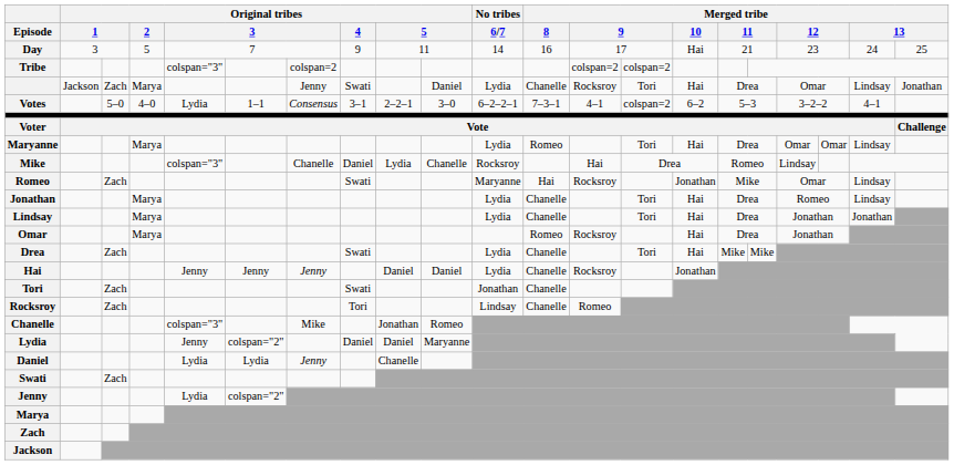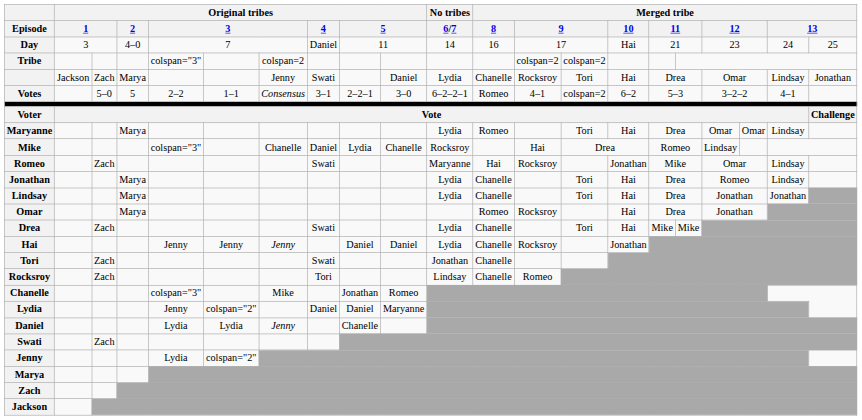 <table class="wikitable unsortable" style="text-align:center;">
 <tr>
 <th></th>
 <th colspan="9">Original tribes</th>
 <th>No tribes</th>
 <th colspan="10">Merged tribe</th>
 </tr>
 <tr>
 <th>Episode</th>
 <th colspan="2"><a href='#'>1</a></th>
 <th><a href='#'>2</a></th>
 <th colspan="3"><a href='#'>3</a></th>
 <th><a href='#'>4</a></th>
 <th colspan="2"><a href='#'>5</a></th>
 <th><a href='#'>6</a>/<a href='#'>7</a></th>
 <th><a href='#'>8</a></th>
 <th colspan="2"><a href='#'>9</a></th>
 <th><a href='#'>10</a></th>
 <th colspan="2"><a href='#'>11</a></th>
 <th colspan="2"><a href='#'>12</a></th>
 <th colspan="2"><a href='#'>13</a></th>
 </tr>
 <tr>
 <th>Day</th>
 <td colspan="2">3</td>
-<td>5</td>
+<td>4–0</td>
 <td colspan="3">7</td>
-<td>9</td>
+<td>Daniel</td>
 <td colspan="2">11</td>
 <td>14</td>
 <td>16</td>
 <td colspan="2">17</td>
 <td>Hai</td>
 <td colspan="2">21</td>
 <td colspan="2">23</td>
 <td>24</td>
 <td>25</td>
 </tr>
 <tr>
 <th>Tribe</th>
 <td></td>
 <td></td>
 <td></td>
 <td>colspan="3"</td>
 <td></td>
 <td>colspan=2 </td>
 <td></td>
 <td></td>
 <td></td>
 <td></td>
 <td></td>
 <td>colspan=2 </td>
 <td>colspan=2 </td>
 <td></td>
 <td></td>
 </tr>
 <tr>
 <th></th>
 <td>Jackson</td>
 <td>Zach</td>
 <td>Marya</td>
 <td></td>
 <td></td>
 <td>Jenny</td>
 <td>Swati</td>
 <td></td>
 <td>Daniel</td>
 <td>Lydia</td>
 <td>Chanelle</td>
 <td>Rocksroy</td>
 <td>Tori</td>
 <td>Hai</td>
 <td colspan=2>Drea</td>
 <td colspan=2>Omar</td>
 <td>Lindsay</td>
 <td>Jonathan</td>
 </tr>
 <tr>
 <th>Votes</th>
 <td></td>
 <td>5–0</td>
-<td>4–0</td>
-<td>Lydia</td>
+<td>5</td>
+<td>2–2</td>
 <td>1–1</td>
 <td><em>Consensus</em></td>
 <td>3–1</td>
 <td>2–2–1</td>
 <td>3–0</td>
 <td>6–2–2–1</td>
-<td>7–3–1</td>
+<td>Romeo</td>
 <td>4–1</td>
 <td>colspan=2 </td>
 <td>6–2</td>
 <td colspan=2>5–3</td>
 <td colspan=2>3–2–2</td>
 <td>4–1</td>
 <td></td>
 </tr>
 <tr>
 <td colspan="21" bgcolor="black"></td>
 </tr>
 <tr>
 <th>Voter</th>
 <th colspan="19">Vote</th>
 <th>Challenge</th>
 </tr>
 <tr>
 <th>Maryanne</th>
 <td></td>
 <td></td>
 <td>Marya</td>
 <td></td>
 <td></td>
 <td></td>
 <td></td>
 <td></td>
 <td></td>
 <td>Lydia</td>
 <td>Romeo</td>
 <td></td>
 <td>Tori</td>
 <td>Hai</td>
 <td colspan=2>Drea</td>
 <td>Omar</td>
 <td>Omar</td>
 <td>Lindsay</td>
 <td></td>
 </tr>
 <tr>
 <th>Mike</th>
 <td></td>
 <td></td>
 <td></td>
 <td>colspan="3"</td>
 <td></td>
 <td>Chanelle</td>
 <td>Daniel</td>
 <td>Lydia</td>
 <td>Chanelle</td>
 <td>Rocksroy</td>
 <td></td>
 <td>Hai</td>
 <td colspan=2>Drea</td>
 <td colspan=2>Romeo</td>
 <td>Lindsay</td>
 <td></td>
 </tr>
 <tr>
 <th>Romeo</th>
 <td></td>
 <td>Zach</td>
 <td></td>
 <td></td>
 <td></td>
 <td></td>
 <td>Swati</td>
 <td></td>
 <td></td>
 <td>Maryanne</td>
 <td>Hai</td>
 <td>Rocksroy</td>
 <td></td>
 <td>Jonathan</td>
 <td colspan=2>Mike</td>
 <td colspan=2>Omar</td>
 <td>Lindsay</td>
 <td></td>
 </tr>
 <tr>
 <th>Jonathan</th>
 <td></td>
 <td></td>
 <td>Marya</td>
 <td></td>
 <td></td>
 <td></td>
 <td></td>
 <td></td>
 <td></td>
 <td>Lydia</td>
 <td>Chanelle</td>
 <td></td>
 <td>Tori</td>
 <td>Hai</td>
 <td colspan=2>Drea</td>
 <td colspan=2>Romeo</td>
 <td>Lindsay</td>
 <td></td>
 </tr>
 <tr>
 <th>Lindsay</th>
 <td></td>
 <td></td>
 <td>Marya</td>
 <td></td>
 <td></td>
 <td></td>
 <td></td>
 <td></td>
 <td></td>
 <td>Lydia</td>
 <td>Chanelle</td>
 <td></td>
 <td>Tori</td>
 <td>Hai</td>
 <td colspan=2>Drea</td>
 <td colspan=2>Jonathan</td>
 <td>Jonathan</td>
 <td colspan="1" style="background:darkgrey;"></td>
 </tr>
 <tr>
 <th>Omar</th>
 <td></td>
 <td></td>
 <td>Marya</td>
 <td></td>
 <td></td>
 <td></td>
 <td></td>
 <td></td>
 <td></td>
 <td></td>
 <td>Romeo</td>
 <td>Rocksroy</td>
 <td></td>
 <td>Hai</td>
 <td colspan=2>Drea</td>
 <td colspan=2>Jonathan</td>
 <td colspan="2" style="background:darkgrey;"></td>
 </tr>
 <tr>
 <th>Drea</th>
 <td></td>
 <td>Zach</td>
 <td></td>
 <td></td>
 <td></td>
 <td></td>
 <td>Swati</td>
 <td></td>
 <td></td>
 <td>Lydia</td>
 <td>Chanelle</td>
 <td></td>
 <td>Tori</td>
 <td>Hai</td>
 <td>Mike</td>
 <td>Mike</td>
 <td colspan="4" style="background:darkgrey;"></td>
 </tr>
 <tr>
 <th>Hai</th>
 <td></td>
 <td></td>
 <td></td>
 <td>Jenny</td>
 <td>Jenny</td>
 <td><em>Jenny</em></td>
 <td></td>
 <td>Daniel</td>
 <td>Daniel</td>
 <td>Lydia</td>
 <td>Chanelle</td>
 <td>Rocksroy</td>
 <td></td>
 <td>Jonathan</td>
 <td colspan="6" style="background:darkgrey;"></td>
 </tr>
 <tr>
 <th>Tori</th>
 <td></td>
 <td>Zach</td>
 <td></td>
 <td></td>
 <td></td>
 <td></td>
 <td>Swati</td>
 <td></td>
 <td></td>
 <td>Jonathan</td>
 <td>Chanelle</td>
 <td></td>
 <td></td>
 <td colspan="7" style="background:darkgrey;"></td>
 </tr>
 <tr>
 <th>Rocksroy</th>
 <td></td>
 <td>Zach</td>
 <td></td>
 <td></td>
 <td></td>
 <td></td>
 <td>Tori</td>
 <td></td>
 <td></td>
 <td>Lindsay</td>
 <td>Chanelle</td>
 <td>Romeo</td>
 <td colspan="8" style="background:darkgrey;"></td>
 </tr>
 <tr>
 <th>Chanelle</th>
 <td></td>
 <td></td>
 <td></td>
 <td>colspan="3"</td>
 <td></td>
 <td>Mike</td>
 <td></td>
 <td>Jonathan</td>
 <td>Romeo</td>
 <td colspan="9" style="background:darkgrey;"></td>
 </tr>
 <tr>
 <th>Lydia</th>
 <td></td>
 <td></td>
 <td></td>
 <td>Jenny</td>
 <td>colspan="2"</td>
 <td></td>
 <td>Daniel</td>
 <td>Daniel</td>
 <td>Maryanne</td>
 <td colspan="10" style="background:darkgrey;"></td>
 </tr>
 <tr>
 <th>Daniel</th>
 <td></td>
 <td></td>
 <td></td>
 <td>Lydia</td>
 <td>Lydia</td>
 <td><em>Jenny</em></td>
 <td></td>
 <td>Chanelle</td>
 <td></td>
 <td colspan="11" style="background:darkgrey;"></td>
 </tr>
 <tr>
 <th>Swati</th>
 <td></td>
 <td>Zach</td>
 <td></td>
 <td></td>
 <td></td>
 <td></td>
 <td></td>
 <td colspan="13" style="background:darkgrey;"></td>
 </tr>
 <tr>
 <th>Jenny</th>
 <td></td>
 <td></td>
 <td></td>
 <td>Lydia</td>
 <td>colspan="2"</td>
 <td colspan="14" style="background:darkgrey;"></td>
 </tr>
 <tr>
 <th>Marya</th>
 <td></td>
 <td></td>
 <td></td>
 <td colspan="17" style="background:darkgrey;"></td>
 </tr>
 <tr>
 <th>Zach</th>
 <td></td>
 <td></td>
 <td colspan="18" style="background:darkgrey;"></td>
 </tr>
 <tr>
 <th>Jackson</th>
 <td></td>
 <td colspan="19" style="background:darkgrey;"></td>
 </tr>
 </table>
